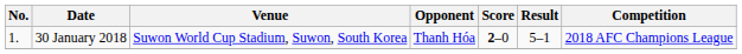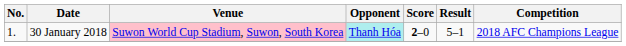 <table class="wikitable">
 <tr>
 <th>No.</th>
 <th>Date</th>
 <th>Venue</th>
 <th>Opponent</th>
 <th>Score</th>
 <th>Result</th>
 <th>Competition</th>
 </tr>
 <tr>
 <td>1.</td>
 <td>30 January 2018</td>
-<td><a href='#'>Suwon World Cup Stadium</a>, <a href='#'>Suwon</a>, <a href='#'>South Korea</a></td>
-<td> <a href='#'>Thanh Hóa</a></td>
+<td style="background: pink;"><a href='#'>Suwon World Cup Stadium</a>, <a href='#'>Suwon</a>, <a href='#'>South Korea</a></td>
+<td style="background: paleturquoise;"> <a href='#'>Thanh Hóa</a></td>
 <td align=center><strong>2</strong>–0</td>
 <td align=center>5–1</td>
 <td><a href='#'>2018 AFC Champions League</a></td>
 </tr>
 <tr>
 </tr>
 </table>
